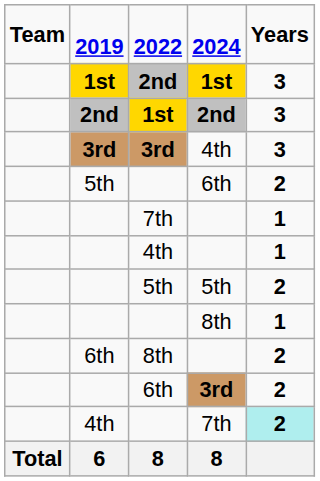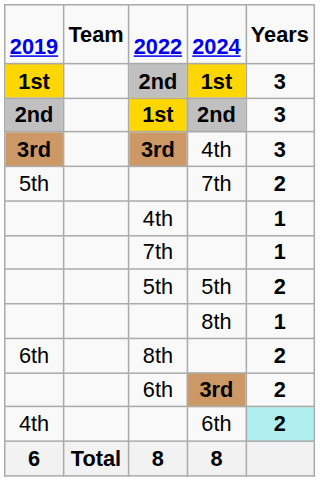 <table class="wikitable" style="text-align:center; font-size:90%">
 <tr>
+<td><strong><br><a href='#'>2019</a></strong></td>
 <td><strong>Team</strong></td>
-<td><strong><br><a href='#'>2019</a></strong></td>
 <td><strong><br><a href='#'>2022</a></strong></td>
 <td><strong><br><a href='#'>2024</a></strong></td>
 <td><strong>Years</strong></td>
 </tr>
 <tr>
+<td bgcolor=gold><strong>1st</strong></td>
 <td align=left></td>
-<td bgcolor=gold><strong>1st</strong></td>
 <td bgcolor=silver><strong>2nd</strong></td>
 <td bgcolor=gold><strong>1st</strong></td>
 <td><strong>3</strong></td>
 </tr>
 <tr>
+<td bgcolor=silver><strong>2nd</strong></td>
 <td align=left></td>
-<td bgcolor=silver><strong>2nd</strong></td>
 <td bgcolor=gold><strong>1st</strong></td>
 <td bgcolor=silver><strong>2nd</strong></td>
 <td><strong>3</strong></td>
 </tr>
 <tr>
+<td bgcolor=#cc9966><strong>3rd</strong></td>
 <td align=left></td>
-<td bgcolor=#cc9966><strong>3rd</strong></td>
 <td bgcolor=#cc9966><strong>3rd</strong></td>
 <td>4th</td>
 <td><strong>3</strong></td>
 </tr>
 <tr>
+<td>5th</td>
 <td align=left></td>
-<td>5th</td>
 <td></td>
-<td>6th</td>
+<td>7th</td>
 <td><strong>2</strong></td>
 </tr>
 <tr>
+<td></td>
 <td align=left></td>
+<td>4th</td>
 <td></td>
+<td><strong>1</strong></td>
+</tr>
+<tr>
+<td></td>
+<td align=left></td>
 <td>7th</td>
 <td></td>
 <td><strong>1</strong></td>
 </tr>
 <tr>
+<td></td>
 <td align=left></td>
-<td></td>
-<td>4th</td>
-<td></td>
-<td><strong>1</strong></td>
-</tr>
-<tr>
-<td align=left></td>
-<td></td>
 <td>5th</td>
 <td>5th</td>
 <td><strong>2</strong></td>
 </tr>
 <tr>
+<td></td>
 <td align=left></td>
-<td></td>
 <td></td>
 <td>8th</td>
 <td><strong>1</strong></td>
 </tr>
 <tr>
+<td>6th</td>
 <td align=left></td>
-<td>6th</td>
 <td>8th</td>
 <td></td>
 <td><strong>2</strong></td>
 </tr>
 <tr>
+<td></td>
 <td align=left></td>
-<td></td>
 <td>6th</td>
 <td bgcolor=#cc9966><strong>3rd</strong></td>
 <td><strong>2</strong></td>
 </tr>
 <tr>
+<td>4th</td>
 <td align=left></td>
-<td>4th</td>
 <td></td>
-<td>7th</td>
+<td>6th</td>
 <td style="background: paleturquoise;"><strong>2</strong></td>
 </tr>
 <tr>
+<th>6</th>
 <th align="left">Total</th>
-<th>6</th>
 <th>8</th>
 <th>8</th>
 <th></th>
 </tr>
 </table>
